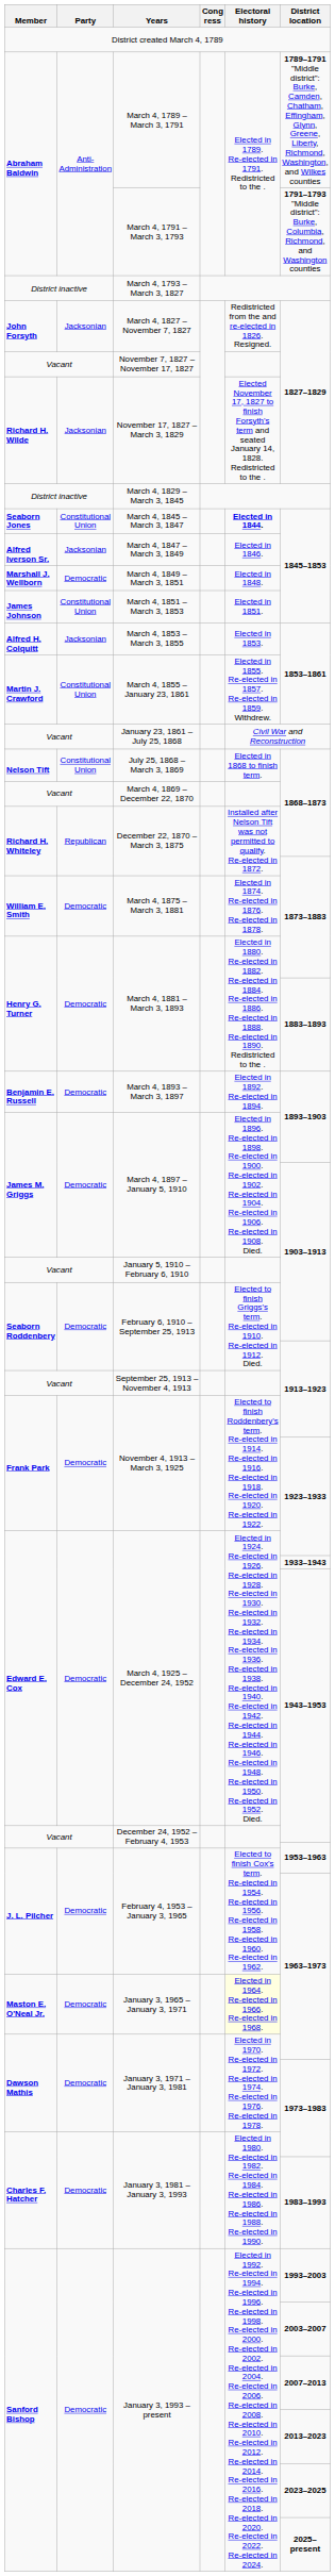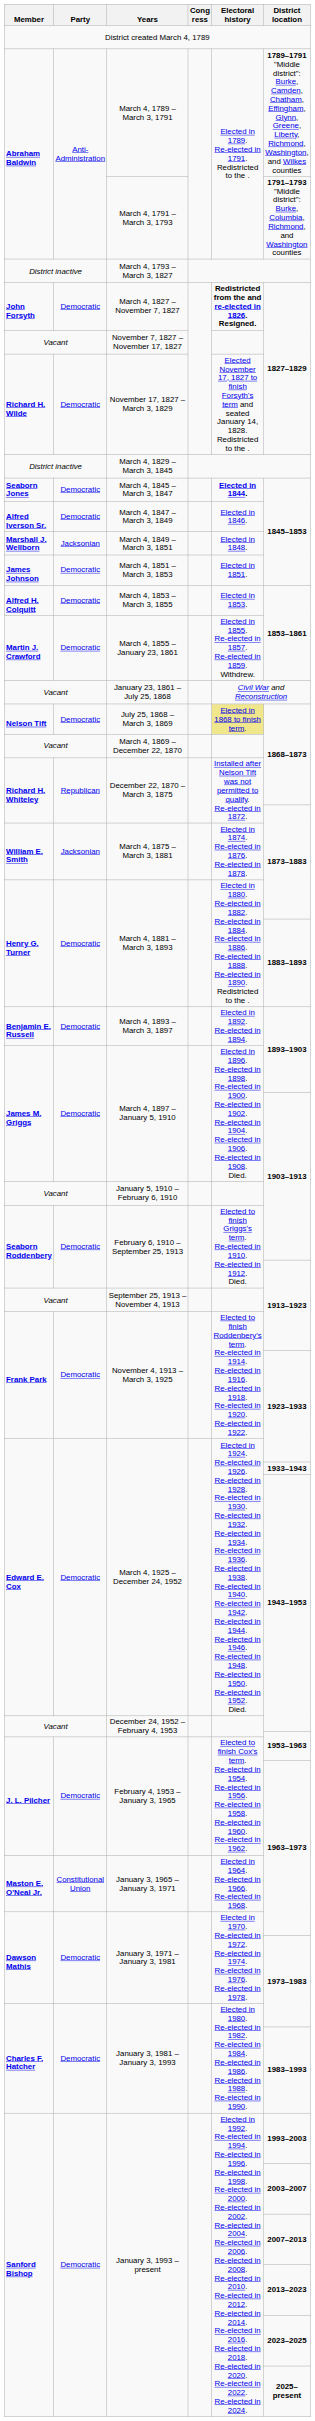 <table class=wikitable style="text-align:center">
 <tr valign=bottom>
 <th>Member</th>
 <th>Party</th>
 <th>Years</th>
 <th>Cong<br>ress</th>
 <th>Electoral history</th>
 <th>District location</th>
 </tr>
 <tr style="height:3em">
 <td colspan=6>District created March 4, 1789</td>
 </tr>
 <tr style="height:3em">
 <td rowspan=2 align=left><br><strong><a href='#'>Abraham Baldwin</a></strong><br></td>
 <td rowspan=2 ><a href='#'>Anti-Administration</a></td>
 <td nowrap>March 4, 1789 –<br>March 3, 1791</td>
 <td rowspan=2></td>
 <td rowspan=2><a href='#'>Elected in 1789</a>.<br><a href='#'>Re-elected in 1791</a>.<br>Redistricted to the .</td>
 <td><strong>1789–1791</strong><br>"Middle district": <a href='#'>Burke</a>, <a href='#'>Camden</a>, <a href='#'>Chatham</a>, <a href='#'>Effingham</a>, <a href='#'>Glynn</a>, <a href='#'>Greene</a>, <a href='#'>Liberty</a>, <a href='#'>Richmond</a>, <a href='#'>Washington</a>, and <a href='#'>Wilkes</a> counties</td>
 </tr>
 <tr style="height:3em">
 <td nowrap>March 4, 1791 –<br>March 3, 1793</td>
 <td><strong>1791–1793</strong><br>"Middle district": <a href='#'>Burke</a>, <a href='#'>Columbia</a>, <a href='#'>Richmond</a>, and <a href='#'>Washington</a> counties</td>
 </tr>
 <tr style="height:3em">
 <td colspan=2><em>District inactive</em></td>
 <td nowrap>March 4, 1793 –<br>March 3, 1827</td>
 <td colspan=3></td>
 </tr>
 <tr style="height:3em">
 <td align=left><br><strong><a href='#'>John Forsyth</a></strong><br></td>
-<td><a href='#'>Jacksonian</a></td>
+<td><a href='#'>Democratic</a></td>
 <td nowrap>March 4, 1827 –<br>November 7, 1827</td>
 <td rowspan=3></td>
-<td>Redistricted from the  and <a href='#'>re-elected in 1826</a>.<br>Resigned.</td>
+<td><strong>Redistricted from the  and <a href='#'>re-elected in 1826</a>.<br>Resigned.</strong></td>
 <td rowspan=3><strong>1827–1829</strong><br></td>
 </tr>
 <tr style="height:3em">
 <td colspan=2><em>Vacant</em></td>
 <td nowrap>November 7, 1827 –<br>November 17, 1827</td>
 </tr>
 <tr style="height:3em">
 <td align=left><br><strong><a href='#'>Richard H. Wilde</a></strong><br></td>
-<td><a href='#'>Jacksonian</a></td>
+<td><a href='#'>Democratic</a></td>
 <td nowrap>November 17, 1827 –<br>March 3, 1829</td>
 <td><a href='#'>Elected November 17, 1827 to finish Forsyth's term</a> and seated January 14, 1828.<br>Redistricted to the .</td>
 </tr>
 <tr style="height:3em">
 <td colspan=2><em>District inactive</em></td>
 <td nowrap>March 4, 1829 –<br>March 3, 1845</td>
 <td colspan=3></td>
 </tr>
 <tr style="height:3em">
 <td align=left><strong><a href='#'>Seaborn Jones</a></strong><br></td>
-<td><a href='#'>Constitutional Union</a></td>
+<td><a href='#'>Democratic</a></td>
 <td nowrap>March 4, 1845 –<br>March 3, 1847</td>
 <td></td>
 <td><strong><a href='#'>Elected in 1844</a>.<br></strong></td>
 <td rowspan=4><strong>1845–1853</strong><br></td>
 </tr>
 <tr style="height:3em">
 <td align=left><br><strong><a href='#'>Alfred Iverson Sr.</a></strong><br></td>
-<td><a href='#'>Jacksonian</a></td>
+<td><a href='#'>Democratic</a></td>
 <td nowrap>March 4, 1847 –<br>March 3, 1849</td>
 <td></td>
 <td><a href='#'>Elected in 1846</a>.<br></td>
 </tr>
 <tr style="height:3em">
 <td align=left><strong><a href='#'>Marshall J. Wellborn</a></strong><br></td>
-<td><a href='#'>Democratic</a></td>
+<td><a href='#'>Jacksonian</a></td>
 <td nowrap>March 4, 1849 –<br>March 3, 1851</td>
 <td></td>
 <td><a href='#'>Elected in 1848</a>.<br></td>
 </tr>
 <tr style="height:3em">
 <td align=left><br><strong><a href='#'>James Johnson</a></strong><br></td>
-<td><a href='#'>Constitutional Union</a></td>
+<td><a href='#'>Democratic</a></td>
 <td nowrap>March 4, 1851 –<br>March 3, 1853</td>
 <td></td>
 <td><a href='#'>Elected in 1851</a>.<br></td>
 </tr>
 <tr style="height:3em">
 <td align=left><br><strong><a href='#'>Alfred H. Colquitt</a></strong><br></td>
-<td><a href='#'>Jacksonian</a></td>
+<td><a href='#'>Democratic</a></td>
 <td nowrap>March 4, 1853 –<br>March 3, 1855</td>
 <td></td>
 <td><a href='#'>Elected in 1853</a>.<br></td>
 <td rowspan=2><strong>1853–1861</strong><br></td>
 </tr>
 <tr style="height:3em">
 <td align=left><br><strong><a href='#'>Martin J. Crawford</a></strong><br></td>
-<td><a href='#'>Constitutional Union</a></td>
+<td><a href='#'>Democratic</a></td>
 <td nowrap>March 4, 1855 –<br>January 23, 1861</td>
 <td></td>
 <td><a href='#'>Elected in 1855</a>.<br><a href='#'>Re-elected in 1857</a>.<br><a href='#'>Re-elected in 1859</a>.<br>Withdrew.</td>
 </tr>
 <tr style="height:3em">
 <td colspan=2><em>Vacant</em></td>
 <td nowrap>January 23, 1861 –<br>July 25, 1868</td>
 <td></td>
 <td colspan=2><em><a href='#'>Civil War</a> and <a href='#'>Reconstruction</a></em></td>
 </tr>
 <tr style="height:3em">
 <td align=left><br><strong><a href='#'>Nelson Tift</a></strong><br></td>
-<td><a href='#'>Constitutional Union</a></td>
+<td><a href='#'>Democratic</a></td>
 <td nowrap>July 25, 1868 –<br>March 3, 1869</td>
 <td></td>
-<td><a href='#'>Elected in 1868 to finish term</a>.<br></td>
+<td style="background: khaki;"><a href='#'>Elected in 1868 to finish term</a>.<br></td>
 <td rowspan=3><strong>1868–1873</strong><br></td>
 </tr>
 <tr style="height:3em">
 <td colspan=2><em>Vacant</em></td>
 <td nowrap>March 4, 1869 –<br>December 22, 1870</td>
 <td></td>
 <td></td>
 </tr>
 <tr style="height:6em">
 <td rowspan=2; align=left><br><strong><a href='#'>Richard H. Whiteley</a></strong><br></td>
 <td rowspan=2; ><a href='#'>Republican</a></td>
 <td rowspan=2; nowrap>December 22, 1870 –<br>March 3, 1875</td>
 <td rowspan=2></td>
 <td rowspan=2><a href='#'>Installed after Nelson Tift was not permitted to qualify</a>.<br><a href='#'>Re-elected in 1872</a>.<br></td>
 </tr>
 <tr>
 <td rowspan=3><strong>1873–1883</strong><br></td>
 </tr>
 <tr style="height:3em">
 <td align=left><br><strong><a href='#'>William E. Smith</a></strong><br></td>
-<td><a href='#'>Democratic</a></td>
+<td><a href='#'>Jacksonian</a></td>
 <td nowrap>March 4, 1875 –<br>March 3, 1881</td>
 <td></td>
 <td><a href='#'>Elected in 1874</a>.<br><a href='#'>Re-elected in 1876</a>.<br><a href='#'>Re-elected in 1878</a>.<br></td>
 </tr>
 <tr style="height:5em">
 <td rowspan=2; align=left><br><strong><a href='#'>Henry G. Turner</a></strong><br></td>
 <td rowspan=2; ><a href='#'>Democratic</a></td>
 <td rowspan=2; nowrap>March 4, 1881 –<br>March 3, 1893</td>
 <td rowspan=2></td>
 <td rowspan=2><a href='#'>Elected in 1880</a>.<br><a href='#'>Re-elected in 1882</a>.<br><a href='#'>Re-elected in 1884</a>.<br><a href='#'>Re-elected in 1886</a>.<br><a href='#'>Re-elected in 1888</a>.<br><a href='#'>Re-elected in 1890</a>.<br>Redistricted to the .</td>
 </tr>
 <tr>
 <td><strong>1883–1893</strong><br></td>
 </tr>
 <tr style="height:3em">
 <td align=left><br><strong><a href='#'>Benjamin E. Russell</a></strong><br></td>
 <td><a href='#'>Democratic</a></td>
 <td nowrap>March 4, 1893 –<br>March 3, 1897</td>
 <td></td>
 <td><a href='#'>Elected in 1892</a>.<br><a href='#'>Re-elected in 1894</a>.<br></td>
 <td rowspan=2><strong>1893–1903</strong><br></td>
 </tr>
 <tr style="height:6em">
 <td rowspan=2; align=left><br><strong><a href='#'>James M. Griggs</a></strong><br></td>
 <td rowspan=2; ><a href='#'>Democratic</a></td>
 <td rowspan=2; nowrap>March 4, 1897 –<br>January 5, 1910</td>
 <td rowspan=2></td>
 <td rowspan=2><a href='#'>Elected in 1896</a>.<br><a href='#'>Re-elected in 1898</a>.<br><a href='#'>Re-elected in 1900</a>.<br><a href='#'>Re-elected in 1902</a>.<br><a href='#'>Re-elected in 1904</a>.<br><a href='#'>Re-elected in 1906</a>.<br><a href='#'>Re-elected in 1908</a>.<br>Died.</td>
 </tr>
 <tr>
 <td rowspan=3><strong>1903–1913</strong><br></td>
 </tr>
 <tr style="height:3em">
 <td colspan=2><em>Vacant</em></td>
 <td nowrap>January 5, 1910 –<br>February 6, 1910</td>
 <td></td>
 <td></td>
 </tr>
 <tr style="height:7em">
 <td rowspan=2; align=left><br><strong><a href='#'>Seaborn Roddenbery</a></strong><br></td>
 <td rowspan=2; ><a href='#'>Democratic</a></td>
 <td rowspan=2; nowrap>February 6, 1910 –<br>September 25, 1913</td>
 <td rowspan=2></td>
 <td rowspan=2><a href='#'>Elected to finish Griggs's term</a>.<br><a href='#'>Re-elected in 1910</a>.<br><a href='#'>Re-elected in 1912</a>.<br>Died.</td>
 </tr>
 <tr>
 <td rowspan=3><strong>1913–1923</strong><br></td>
 </tr>
 <tr style="height:3em">
 <td colspan=2><em>Vacant</em></td>
 <td nowrap>September 25, 1913 –<br>November 4, 1913</td>
 <td></td>
 <td></td>
 </tr>
 <tr style="height:5em">
 <td rowspan=2; align=left><br><strong><a href='#'>Frank Park</a></strong><br></td>
 <td rowspan=2; ><a href='#'>Democratic</a></td>
 <td rowspan=2; nowrap>November 4, 1913 –<br>March 3, 1925</td>
 <td rowspan=2></td>
 <td rowspan=2><a href='#'>Elected to finish Roddenbery's term</a>.<br><a href='#'>Re-elected in 1914</a>.<br><a href='#'>Re-elected in 1916</a>.<br><a href='#'>Re-elected in 1918</a>.<br><a href='#'>Re-elected in 1920</a>.<br><a href='#'>Re-elected in 1922</a>.<br></td>
 </tr>
 <tr>
 <td rowspan=2><strong>1923–1933</strong><br></td>
 </tr>
 <tr style="height:3em">
 <td rowspan=3; align=left><br><strong><a href='#'>Edward E. Cox</a></strong><br></td>
 <td rowspan=3; ><a href='#'>Democratic</a></td>
 <td rowspan=3; nowrap>March 4, 1925 –<br>December 24, 1952</td>
 <td rowspan=3></td>
 <td rowspan=3><a href='#'>Elected in 1924</a>.<br><a href='#'>Re-elected in 1926</a>.<br><a href='#'>Re-elected in 1928</a>.<br><a href='#'>Re-elected in 1930</a>.<br><a href='#'>Re-elected in 1932</a>.<br><a href='#'>Re-elected in 1934</a>.<br><a href='#'>Re-elected in 1936</a>.<br><a href='#'>Re-elected in 1938</a>.<br><a href='#'>Re-elected in 1940</a>.<br><a href='#'>Re-elected in 1942</a>.<br><a href='#'>Re-elected in 1944</a>.<br><a href='#'>Re-elected in 1946</a>.<br><a href='#'>Re-elected in 1948</a>.<br><a href='#'>Re-elected in 1950</a>.<br><a href='#'>Re-elected in 1952</a>.<br>Died.</td>
 </tr>
 <tr>
 <td><strong>1933–1943</strong><br></td>
 </tr>
 <tr>
 <td rowspan=2><strong>1943–1953</strong><br></td>
 </tr>
 <tr style="height:2em">
 <td rowspan=2; colspan=2><em>Vacant</em></td>
 <td rowspan=2; nowrap>December 24, 1952 –<br>February 4, 1953</td>
 <td rowspan=2></td>
 <td rowspan=2></td>
 </tr>
 <tr>
 <td rowspan=2><strong>1953–1963</strong><br></td>
 </tr>
 <tr style="height:3em">
 <td rowspan=2; align=left><br><strong><a href='#'>J. L. Pilcher</a></strong><br></td>
 <td rowspan=2; ><a href='#'>Democratic</a></td>
 <td rowspan=2; nowrap>February 4, 1953 –<br>January 3, 1965</td>
 <td rowspan=2></td>
 <td rowspan=2><a href='#'>Elected to finish Cox's term</a>.<br><a href='#'>Re-elected in 1954</a>.<br><a href='#'>Re-elected in 1956</a>.<br><a href='#'>Re-elected in 1958</a>.<br><a href='#'>Re-elected in 1960</a>.<br><a href='#'>Re-elected in 1962</a>.<br></td>
 </tr>
 <tr>
 <td rowspan=3><strong>1963–1973</strong><br></td>
 </tr>
 <tr style="height:3em">
 <td align=left><br><strong><a href='#'>Maston E. O'Neal Jr.</a></strong><br></td>
-<td><a href='#'>Democratic</a></td>
+<td><a href='#'>Constitutional Union</a></td>
 <td nowrap>January 3, 1965 –<br>January 3, 1971</td>
 <td></td>
-<td style="background: lightyellow;"><a href='#'>Elected in 1964</a>.<br><a href='#'>Re-elected in 1966</a>.<br><a href='#'>Re-elected in 1968</a>.<br></td>
+<td><a href='#'>Elected in 1964</a>.<br><a href='#'>Re-elected in 1966</a>.<br><a href='#'>Re-elected in 1968</a>.<br></td>
 </tr>
 <tr style="height:3em">
 <td rowspan=2; align=left><br><strong><a href='#'>Dawson Mathis</a></strong><br></td>
 <td rowspan=2; ><a href='#'>Democratic</a></td>
 <td rowspan=2; nowrap>January 3, 1971 –<br>January 3, 1981</td>
 <td rowspan=2></td>
 <td rowspan=2><a href='#'>Elected in 1970</a>.<br><a href='#'>Re-elected in 1972</a>.<br><a href='#'>Re-elected in 1974</a>.<br><a href='#'>Re-elected in 1976</a>.<br><a href='#'>Re-elected in 1978</a>.<br></td>
 </tr>
 <tr>
 <td rowspan=2><strong>1973–1983</strong><br></td>
 </tr>
 <tr style="height:3em">
 <td rowspan=2; align=left><br><strong><a href='#'>Charles F. Hatcher</a></strong><br></td>
 <td rowspan=2; ><a href='#'>Democratic</a></td>
 <td rowspan=2; nowrap>January 3, 1981 –<br>January 3, 1993</td>
 <td rowspan=2></td>
 <td rowspan=2><a href='#'>Elected in 1980</a>.<br><a href='#'>Re-elected in 1982</a>.<br><a href='#'>Re-elected in 1984</a>.<br><a href='#'>Re-elected in 1986</a>.<br><a href='#'>Re-elected in 1988</a>.<br><a href='#'>Re-elected in 1990</a>.<br></td>
 </tr>
 <tr>
 <td><strong>1983–1993</strong><br></td>
 </tr>
 <tr style="height:3em">
 <td rowspan=6 align=left><br><strong><a href='#'>Sanford Bishop</a></strong><br></td>
 <td rowspan=6 ><a href='#'>Democratic</a></td>
 <td rowspan=6 nowrap>January 3, 1993 –<br>present</td>
 <td rowspan=6></td>
 <td rowspan=6><a href='#'>Elected in 1992</a>.<br><a href='#'>Re-elected in 1994</a>.<br><a href='#'>Re-elected in 1996</a>.<br><a href='#'>Re-elected in 1998</a>.<br><a href='#'>Re-elected in 2000</a>.<br><a href='#'>Re-elected in 2002</a>.<br><a href='#'>Re-elected in 2004</a>.<br><a href='#'>Re-elected in 2006</a>.<br><a href='#'>Re-elected in 2008</a>.<br><a href='#'>Re-elected in 2010</a>.<br><a href='#'>Re-elected in 2012</a>.<br><a href='#'>Re-elected in 2014</a>.<br><a href='#'>Re-elected in 2016</a>.<br><a href='#'>Re-elected in 2018</a>.<br><a href='#'>Re-elected in 2020</a>.<br><a href='#'>Re-elected in 2022</a>.<br><a href='#'>Re-elected in 2024</a>.</td>
 <td><strong>1993–2003</strong><br></td>
 </tr>
 <tr style="height:3em">
 <td><strong>2003–2007</strong><br></td>
 </tr>
 <tr style="height:3em">
 <td><strong>2007–2013</strong><br></td>
 </tr>
 <tr style="height:3em">
 <td><strong>2013–2023</strong><br></td>
 </tr>
 <tr style="height:3em">
 <td><strong>2023–2025</strong><br></td>
 </tr>
 <tr style="height:3em">
 <td><strong>2025–present</strong><br></td>
 </tr>
 </table>
